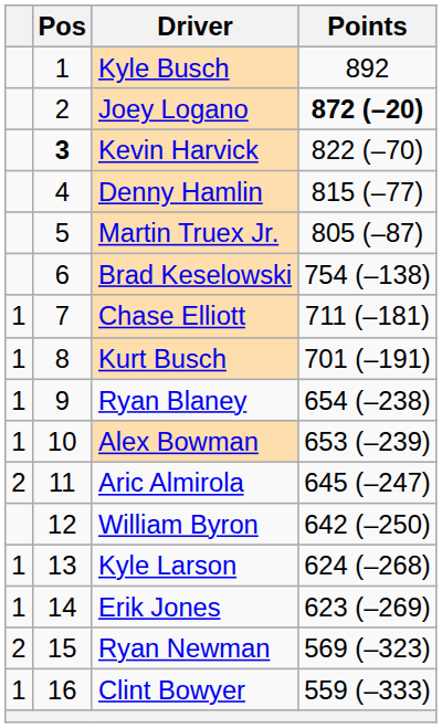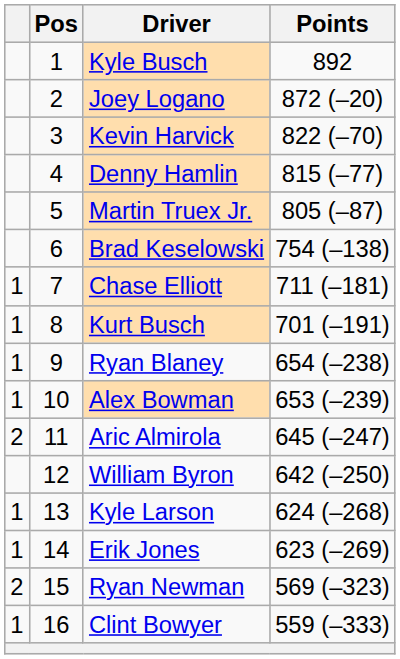 <table class="wikitable" style="font-size: 95%">
 <tr>
 <th></th>
 <th>Pos</th>
 <th>Driver</th>
 <th>Points</th>
 </tr>
 <tr>
 <td align="left"></td>
 <td style="text-align:center;">1</td>
 <td style="background:#FFDEAD;"><a href='#'>Kyle Busch</a></td>
 <td style="text-align:center;">892</td>
 </tr>
 <tr>
 <td align="left"></td>
 <td style="text-align:center;">2</td>
 <td style="background:#FFDEAD;"><a href='#'>Joey Logano</a></td>
-<td style="text-align:center;"><strong>872 (–20)</strong></td>
+<td style="text-align:center;">872 (–20)</td>
 </tr>
 <tr>
 <td align="left"></td>
-<td style="text-align:center;"><strong>3</strong></td>
+<td style="text-align:center;">3</td>
 <td style="background:#FFDEAD;"><a href='#'>Kevin Harvick</a></td>
 <td style="text-align:center;">822 (–70)</td>
 </tr>
 <tr>
 <td align="left"></td>
 <td style="text-align:center;">4</td>
 <td style="background:#FFDEAD;"><a href='#'>Denny Hamlin</a></td>
 <td style="text-align:center;">815 (–77)</td>
 </tr>
 <tr>
 <td align="left"></td>
 <td style="text-align:center;">5</td>
 <td style="background:#FFDEAD;"><a href='#'>Martin Truex Jr.</a></td>
 <td style="text-align:center;">805 (–87)</td>
 </tr>
 <tr>
 <td align="left"></td>
 <td style="text-align:center;">6</td>
 <td style="background:#FFDEAD;"><a href='#'>Brad Keselowski</a></td>
 <td style="text-align:center;">754 (–138)</td>
 </tr>
 <tr>
 <td align="left"> 1</td>
 <td style="text-align:center;">7</td>
 <td style="background:#FFDEAD;"><a href='#'>Chase Elliott</a></td>
 <td style="text-align:center;">711 (–181)</td>
 </tr>
 <tr>
 <td align="left"> 1</td>
 <td style="text-align:center;">8</td>
 <td style="background:#FFDEAD;"><a href='#'>Kurt Busch</a></td>
 <td style="text-align:center;">701 (–191)</td>
 </tr>
 <tr>
 <td align="left"> 1</td>
 <td style="text-align:center;">9</td>
 <td><a href='#'>Ryan Blaney</a></td>
 <td style="text-align:center;">654 (–238)</td>
 </tr>
 <tr>
 <td align="left"> 1</td>
 <td style="text-align:center;">10</td>
 <td style="background:#FFDEAD;"><a href='#'>Alex Bowman</a></td>
 <td style="text-align:center;">653 (–239)</td>
 </tr>
 <tr>
 <td align="left"> 2</td>
 <td style="text-align:center;">11</td>
 <td><a href='#'>Aric Almirola</a></td>
 <td style="text-align:center;">645 (–247)</td>
 </tr>
 <tr>
 <td align="left"></td>
 <td style="text-align:center;">12</td>
 <td><a href='#'>William Byron</a></td>
 <td style="text-align:center;">642 (–250)</td>
 </tr>
 <tr>
 <td align="left"> 1</td>
 <td style="text-align:center;">13</td>
 <td><a href='#'>Kyle Larson</a></td>
 <td style="text-align:center;">624 (–268)</td>
 </tr>
 <tr>
 <td align="left"> 1</td>
 <td style="text-align:center;">14</td>
 <td><a href='#'>Erik Jones</a></td>
 <td style="text-align:center;">623 (–269)</td>
 </tr>
 <tr>
 <td align="left"> 2</td>
 <td style="text-align:center;">15</td>
 <td><a href='#'>Ryan Newman</a></td>
 <td style="text-align:center;">569 (–323)</td>
 </tr>
 <tr>
 <td align="left"> 1</td>
 <td style="text-align:center;">16</td>
 <td><a href='#'>Clint Bowyer</a></td>
 <td style="text-align:center;">559 (–333)</td>
 </tr>
 <tr class="sortbottom">
 <th colspan="9"></th>
 </tr>
 </table>
